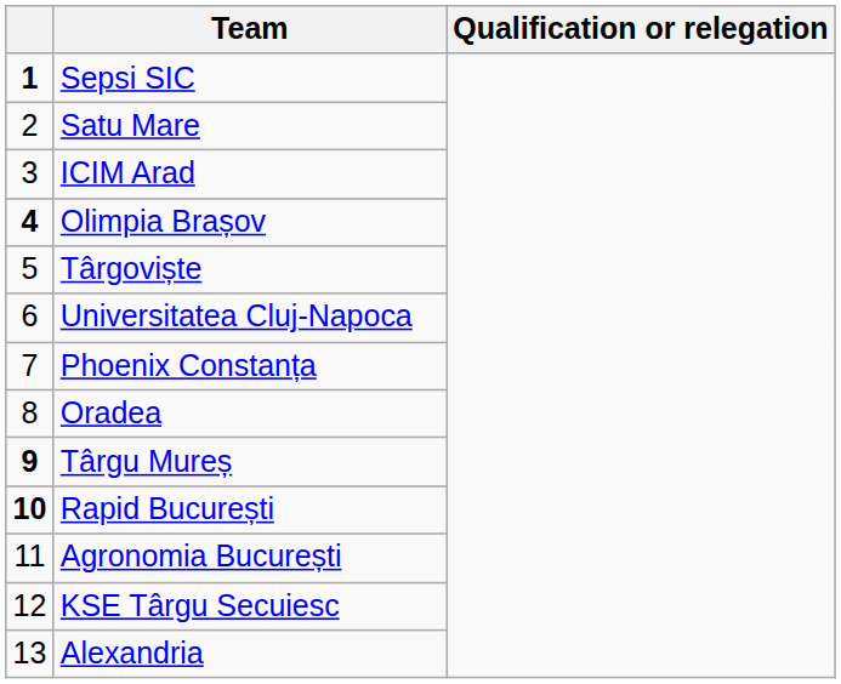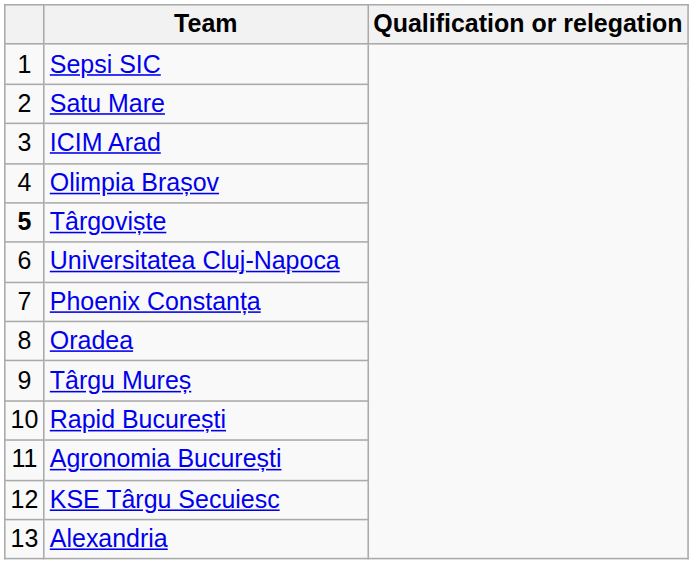 <table class="wikitable sortable" style="text-align:center">
 <tr>
 <th></th>
 <th width="200">Team</th>
 <th>Qualification or relegation</th>
 </tr>
 <tr style="background:">
-<td><strong>1</strong></td>
+<td>1</td>
 <td align=left><a href='#'>Sepsi SIC</a></td>
 </tr>
 <tr style="background:">
 <td>2</td>
 <td align=left><a href='#'>Satu Mare</a></td>
 </tr>
 <tr style="background:">
 <td>3</td>
 <td align=left><a href='#'>ICIM Arad</a></td>
 </tr>
 <tr style="background:">
-<td><strong>4</strong></td>
+<td>4</td>
 <td align=left><a href='#'>Olimpia Brașov</a></td>
 </tr>
 <tr style="background:">
-<td>5</td>
+<td><strong>5</strong></td>
 <td align=left><a href='#'>Târgoviște</a></td>
 </tr>
 <tr style="background:">
 <td>6</td>
 <td align=left><a href='#'>Universitatea Cluj-Napoca</a></td>
 </tr>
 <tr style="background:">
 <td>7</td>
 <td align=left><a href='#'>Phoenix Constanța</a></td>
 </tr>
 <tr style="background:">
 <td>8</td>
 <td align=left><a href='#'>Oradea</a></td>
 </tr>
 <tr style="background:">
-<td><strong>9</strong></td>
+<td>9</td>
 <td align=left><a href='#'>Târgu Mureș</a></td>
 </tr>
 <tr style="background:">
-<td><strong>10</strong></td>
+<td>10</td>
 <td align=left><a href='#'>Rapid București</a></td>
 </tr>
 <tr style="background:">
 <td>11</td>
 <td align=left><a href='#'>Agronomia București</a></td>
 </tr>
 <tr style="background:">
 <td>12</td>
 <td align=left><a href='#'>KSE Târgu Secuiesc</a></td>
 </tr>
 <tr style="background:">
 <td>13</td>
 <td align=left><a href='#'>Alexandria</a></td>
 </tr>
 </table>
